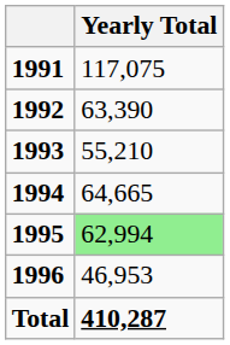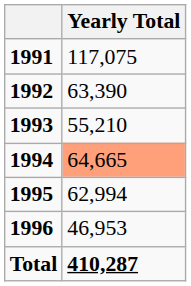 <table class="wikitable">
 <tr>
 <th></th>
 <th>Yearly Total</th>
 </tr>
 <tr>
 <td><strong>1991</strong></td>
 <td>117,075</td>
 </tr>
 <tr>
 <td><strong>1992</strong></td>
 <td>63,390</td>
 </tr>
 <tr>
 <td><strong>1993</strong></td>
 <td>55,210</td>
 </tr>
 <tr>
 <td><strong>1994</strong></td>
-<td>64,665</td>
+<td style="background: lightsalmon;">64,665</td>
 </tr>
 <tr>
 <td><strong>1995</strong></td>
-<td style="background: lightgreen;">62,994</td>
+<td>62,994</td>
 </tr>
 <tr>
 <td><strong>1996</strong></td>
 <td>46,953</td>
 </tr>
 <tr>
 <td><strong>Total</strong></td>
 <td><strong><u>410,287</u></strong></td>
 </tr>
 </table>
